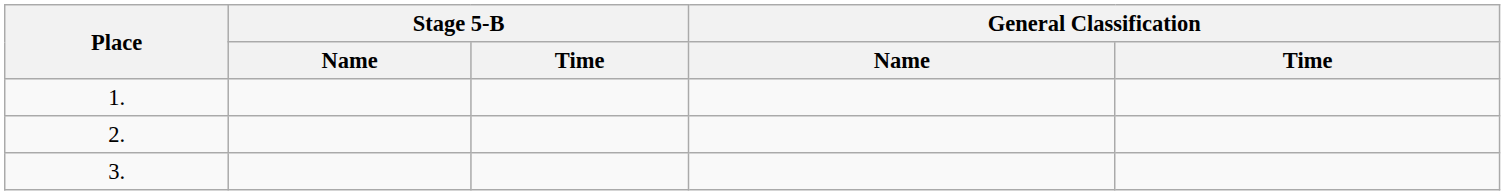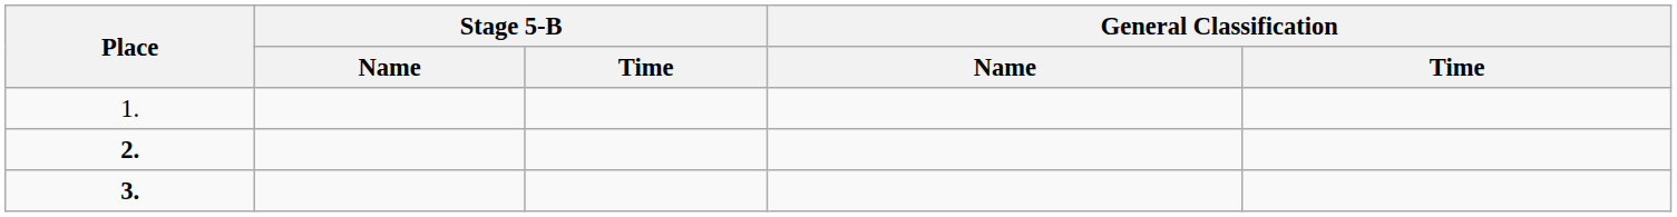 <table class=wikitable style="font-size:95%" width="80%">
 <tr>
 <th rowspan="2">Place</th>
 <th colspan="2">Stage 5-B</th>
 <th colspan="2">General Classification</th>
 </tr>
 <tr>
 <th>Name</th>
 <th>Time</th>
 <th>Name</th>
 <th>Time</th>
 </tr>
 <tr>
 <td align="center">1.</td>
 <td></td>
 <td></td>
 <td></td>
 <td></td>
 </tr>
 <tr>
-<td align="center">2.</td>
+<td align="center"><strong>2.</strong></td>
 <td></td>
 <td></td>
 <td></td>
 <td></td>
 </tr>
 <tr>
-<td align="center">3.</td>
+<td align="center"><strong>3.</strong></td>
 <td></td>
 <td></td>
 <td></td>
 <td></td>
 </tr>
 </table>
